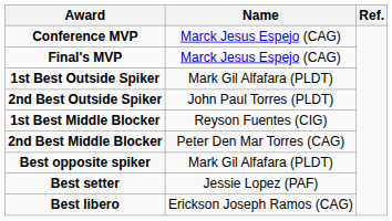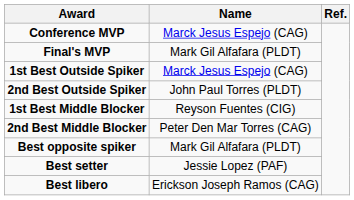 <table class="wikitable">
 <tr>
 <th>Award</th>
 <th>Name</th>
 <th>Ref.</th>
 </tr>
 <tr>
 <td style="text-align: center;"><strong>Conference MVP</strong></td>
 <td style="text-align: center;"><a href='#'>Marck Jesus Espejo</a> (CAG)</td>
 <td rowspan=9></td>
 </tr>
 <tr>
 <td style="text-align: center;"><strong>Final's MVP</strong></td>
-<td style="text-align: center;"><a href='#'>Marck Jesus Espejo</a> (CAG)</td>
+<td style="text-align: center;">Mark Gil Alfafara (PLDT)</td>
 </tr>
 <tr>
 <td style="text-align: center;"><strong>1st Best Outside Spiker</strong></td>
-<td style="text-align: center;">Mark Gil Alfafara (PLDT)</td>
+<td style="text-align: center;"><a href='#'>Marck Jesus Espejo</a> (CAG)</td>
 </tr>
 <tr>
 <td style="text-align: center;"><strong>2nd Best Outside Spiker</strong></td>
 <td style="text-align: center;">John Paul Torres (PLDT)</td>
 </tr>
 <tr>
 <td style="text-align: center;"><strong>1st Best Middle Blocker</strong></td>
 <td style="text-align: center;">Reyson Fuentes (CIG)</td>
 </tr>
 <tr>
 <td style="text-align: center;"><strong>2nd Best Middle Blocker</strong></td>
 <td style="text-align: center;">Peter Den Mar Torres (CAG)</td>
 </tr>
 <tr>
 <td style="text-align: center;"><strong>Best opposite spiker</strong></td>
 <td style="text-align: center;">Mark Gil Alfafara (PLDT)</td>
 </tr>
 <tr>
 <td style="text-align: center;"><strong>Best setter</strong></td>
 <td style="text-align: center;">Jessie Lopez (PAF)</td>
 </tr>
 <tr>
 <td style="text-align: center;"><strong>Best libero</strong></td>
 <td style="text-align: center;">Erickson Joseph Ramos (CAG)</td>
 </tr>
 </table>
